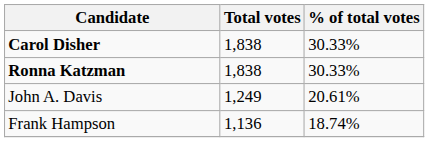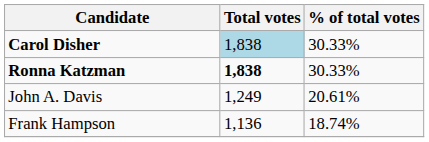 <table class="wikitable">
 <tr>
 <th bgcolor="#DDDDFF" width="200px">Candidate</th>
 <th bgcolor="#DDDDFF">Total votes</th>
 <th bgcolor="#DDDDFF">% of total votes</th>
 </tr>
 <tr>
 <td><strong>Carol Disher</strong></td>
-<td>1,838</td>
+<td style="background: lightblue;">1,838</td>
 <td>30.33%</td>
 </tr>
 <tr>
 <td><strong>Ronna Katzman</strong></td>
-<td>1,838</td>
+<td><strong>1,838</strong></td>
 <td>30.33%</td>
 </tr>
 <tr>
 <td>John A. Davis</td>
 <td>1,249</td>
 <td>20.61%</td>
 </tr>
 <tr>
 <td>Frank Hampson</td>
 <td>1,136</td>
 <td>18.74%</td>
 </tr>
 <tr>
 </tr>
 </table>
